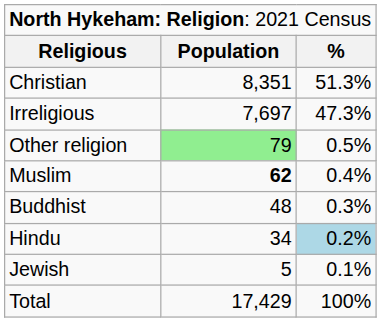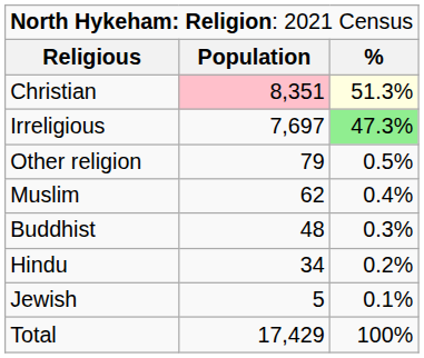 <table class="wikitable">
 <tr>
 <td colspan="14" style="text-align:right;"><strong>North Hykeham: Religion</strong>: 2021 Census</td>
 </tr>
 <tr>
 <th>Religious</th>
 <th>Population</th>
 <th>%</th>
 </tr>
 <tr>
 <td>Christian</td>
-<td style="text-align:right;">8,351</td>
-<td style="text-align:right;">51.3%</td>
+<td style="background: pink; text-align:right;">8,351</td>
+<td style="background: lightyellow; text-align:right;">51.3%</td>
 </tr>
 <tr>
 <td>Irreligious</td>
 <td style="text-align:right;">7,697</td>
-<td style="text-align:right;">47.3%</td>
+<td style="background: lightgreen; text-align:right;">47.3%</td>
 </tr>
 <tr>
 <td>Other religion</td>
-<td style="background: lightgreen; text-align:right;">79</td>
+<td style="text-align:right;">79</td>
 <td style="text-align:right;">0.5%</td>
 </tr>
 <tr>
 <td>Muslim</td>
-<td style="text-align:right;"><strong>62</strong></td>
+<td style="text-align:right;">62</td>
 <td style="text-align:right;">0.4%</td>
 </tr>
 <tr>
 <td>Buddhist</td>
 <td style="text-align:right;">48</td>
 <td style="text-align:right;">0.3%</td>
 </tr>
 <tr>
 <td>Hindu</td>
 <td style="text-align:right;">34</td>
-<td style="background: lightblue; text-align:right;">0.2%</td>
+<td style="text-align:right;">0.2%</td>
 </tr>
 <tr>
 <td>Jewish</td>
 <td style="text-align:right;">5</td>
 <td style="text-align:right;">0.1%</td>
 </tr>
 <tr>
 <td>Total</td>
 <td style="text-align:right;">17,429</td>
 <td style="text-align:right;">100%</td>
 </tr>
 </table>
